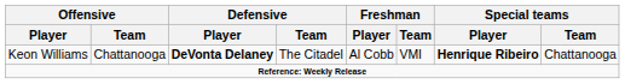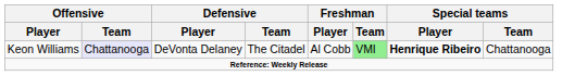 <table class="wikitable" border="1">
 <tr>
 <th colspan="2">Offensive</th>
 <th colspan="2">Defensive</th>
 <th colspan="2">Freshman</th>
 <th colspan="2">Special teams</th>
 </tr>
 <tr>
 <th>Player</th>
 <th>Team</th>
 <th>Player</th>
 <th>Team</th>
 <th>Player</th>
 <th>Team</th>
 <th>Player</th>
 <th>Team</th>
 </tr>
 <tr>
 <td>Keon Williams</td>
-<td>Chattanooga</td>
-<td><strong>DeVonta Delaney</strong></td>
+<td style="background: lavender;">Chattanooga</td>
+<td>DeVonta Delaney</td>
 <td>The Citadel</td>
 <td>Al Cobb</td>
-<td>VMI</td>
+<td style="background: lightgreen;">VMI</td>
 <td><strong>Henrique Ribeiro</strong></td>
 <td>Chattanooga</td>
 </tr>
 <tr>
 <td colspan="8" style="font-size: 8pt" align="center"><strong>Reference: Weekly Release</strong></td>
 </tr>
 </table>
